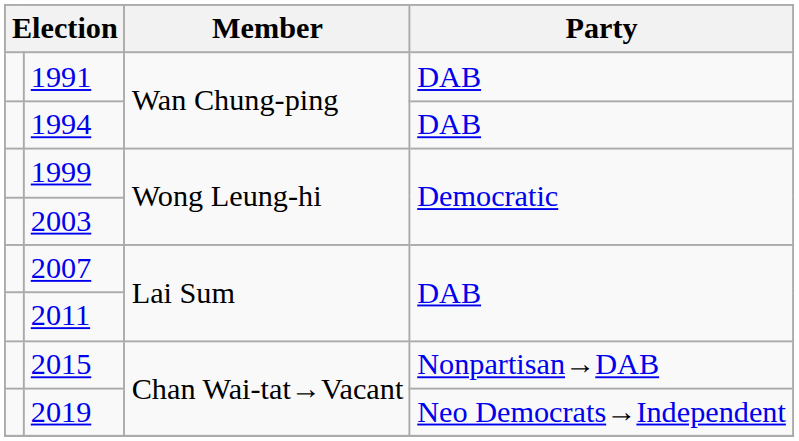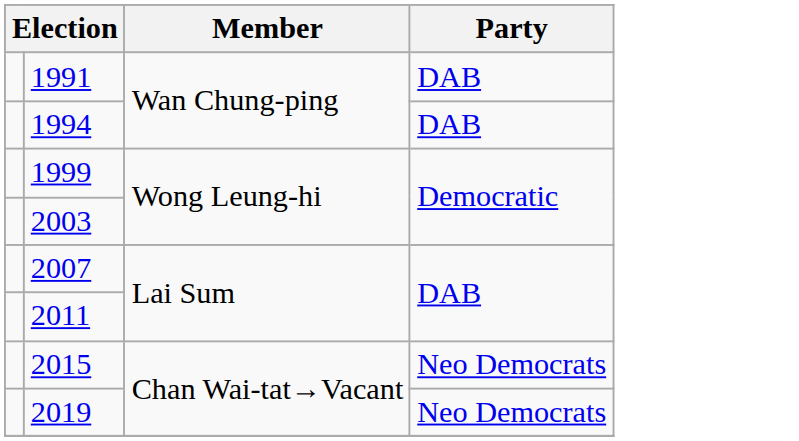 <table class="wikitable">
 <tr>
 <th colspan="2">Election</th>
 <th>Member</th>
 <th>Party</th>
 </tr>
 <tr>
 <td style="color:inherit;background:"></td>
 <td><a href='#'>1991</a></td>
 <td rowspan=2>Wan Chung-ping</td>
 <td><a href='#'>DAB</a></td>
 </tr>
 <tr>
 <td style="color:inherit;background:"></td>
 <td><a href='#'>1994</a></td>
 <td><a href='#'>DAB</a></td>
 </tr>
 <tr>
 <td style="color:inherit;background:"></td>
 <td><a href='#'>1999</a></td>
 <td rowspan=2>Wong Leung-hi</td>
 <td rowspan=2><a href='#'>Democratic</a></td>
 </tr>
 <tr>
 <td style="color:inherit;background:"></td>
 <td><a href='#'>2003</a></td>
 </tr>
 <tr>
 <td style="color:inherit;background:"></td>
 <td><a href='#'>2007</a></td>
 <td rowspan=2>Lai Sum</td>
 <td rowspan=2><a href='#'>DAB</a></td>
 </tr>
 <tr>
 <td style="color:inherit;background:"></td>
 <td><a href='#'>2011</a></td>
 </tr>
 <tr>
 <td style="color:inherit;background:"></td>
 <td><a href='#'>2015</a></td>
 <td rowspan=2>Chan Wai-tat→Vacant</td>
-<td><a href='#'>Nonpartisan</a>→<a href='#'>DAB</a></td>
+<td><a href='#'>Neo Democrats</a></td>
 </tr>
 <tr>
 <td style="color:inherit;background:"></td>
 <td><a href='#'>2019</a></td>
-<td><a href='#'>Neo Democrats</a>→<a href='#'>Independent</a></td>
+<td><a href='#'>Neo Democrats</a></td>
 </tr>
 <tr>
 </tr>
 </table>
